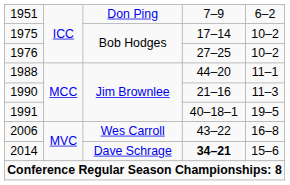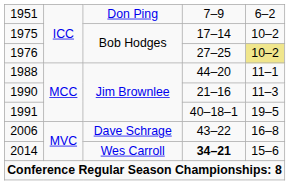 <table class="wikitable" style="text-align:center;">
 <tr>
 <td>1951</td>
 <td rowspan="3"><a href='#'>ICC</a></td>
 <td><a href='#'>Don Ping</a></td>
 <td>7–9</td>
 <td>6–2</td>
 </tr>
 <tr>
 <td>1975</td>
 <td rowspan="2">Bob Hodges</td>
 <td>17–14</td>
 <td>10–2</td>
 </tr>
 <tr>
 <td>1976</td>
 <td>27–25</td>
-<td>10–2</td>
+<td style="background: khaki;">10–2</td>
 </tr>
 <tr>
 <td>1988</td>
 <td rowspan="3"><a href='#'>MCC</a></td>
 <td rowspan="3"><a href='#'>Jim Brownlee</a></td>
 <td>44–20</td>
 <td>11–1</td>
 </tr>
 <tr>
 <td>1990</td>
 <td>21–16</td>
 <td>11–3</td>
 </tr>
 <tr>
 <td>1991</td>
 <td>40–18–1</td>
 <td>19–5</td>
 </tr>
 <tr>
 <td>2006</td>
 <td rowspan="2"><a href='#'>MVC</a></td>
-<td><a href='#'>Wes Carroll</a></td>
+<td><a href='#'>Dave Schrage</a></td>
 <td>43–22</td>
 <td>16–8</td>
 </tr>
 <tr>
 <td>2014</td>
-<td><a href='#'>Dave Schrage</a></td>
+<td><a href='#'>Wes Carroll</a></td>
 <td><strong>34–21</strong></td>
 <td>15–6</td>
 </tr>
 <tr>
 <td colspan="6"><strong>Conference Regular Season Championships: 8</strong></td>
 </tr>
 </table>
